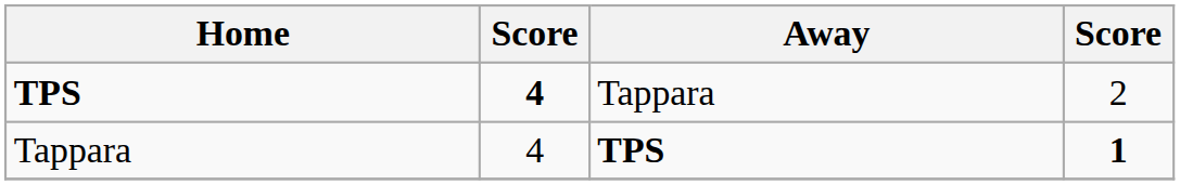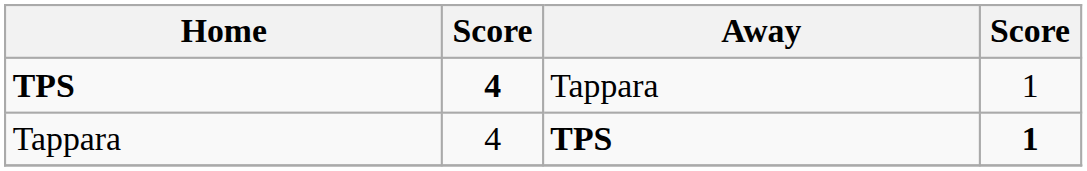 <table class="wikitable">
 <tr>
 <th width="200">Home</th>
 <th width="40">Score</th>
 <th width="200">Away</th>
 <th width="40">Score</th>
 </tr>
 <tr>
 <td><strong>TPS</strong></td>
 <td align=center><strong>4</strong></td>
 <td>Tappara</td>
-<td align=center>2</td>
+<td align=center>1</td>
 </tr>
 <tr>
 <td>Tappara</td>
 <td align=center>4</td>
 <td><strong>TPS</strong></td>
 <td align=center><strong>1</strong></td>
 </tr>
 <tr>
 </tr>
 </table>
